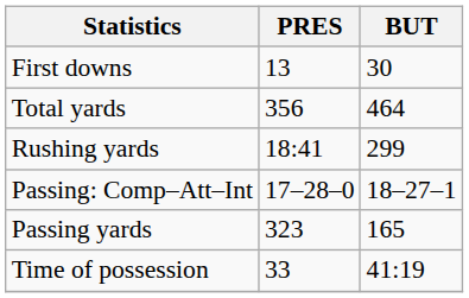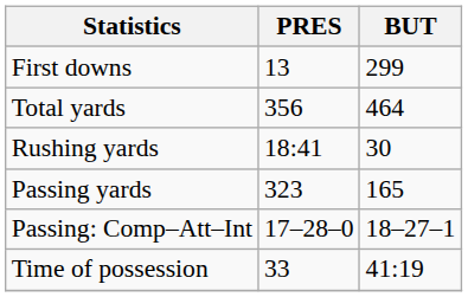 <table class="wikitable" style="float: left;">
 <tr>
 <th>Statistics</th>
 <th>PRES</th>
 <th>BUT</th>
 </tr>
 <tr>
 <td>First downs</td>
 <td>13</td>
-<td>30</td>
+<td>299</td>
 </tr>
 <tr>
 <td>Total yards</td>
 <td>356</td>
 <td>464</td>
 </tr>
 <tr>
 <td>Rushing yards</td>
 <td>18:41</td>
-<td>299</td>
+<td>30</td>
+</tr>
+<tr>
+<td>Passing yards</td>
+<td>323</td>
+<td>165</td>
 </tr>
 <tr>
 <td>Passing: Comp–Att–Int</td>
 <td>17–28–0</td>
 <td>18–27–1</td>
-</tr>
-<tr>
-<td>Passing yards</td>
-<td>323</td>
-<td>165</td>
 </tr>
 <tr>
 <td>Time of possession</td>
 <td>33</td>
 <td>41:19</td>
 </tr>
 <tr>
 </tr>
 </table>
